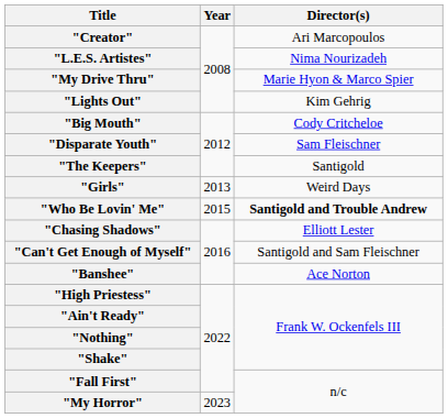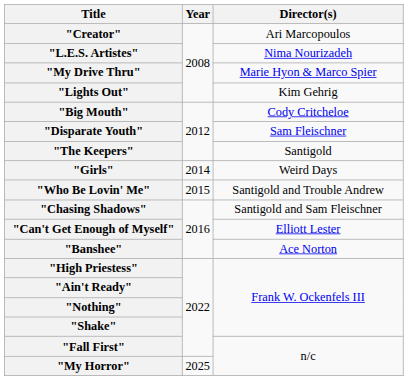 <table class="wikitable plainrowheaders" style="text-align:center;">
 <tr>
 <th scope="col" style="width:14em;">Title</th>
 <th scope="col" style="width:1em;">Year</th>
 <th scope="col" style="width:15em;">Director(s)</th>
 </tr>
 <tr>
 <th scope="row">"Creator"</th>
 <td rowspan="4">2008</td>
 <td>Ari Marcopoulos</td>
 </tr>
 <tr>
 <th scope="row">"L.E.S. Artistes"</th>
 <td><a href='#'>Nima Nourizadeh</a></td>
 </tr>
 <tr>
 <th scope="row">"My Drive Thru"</th>
 <td><a href='#'>Marie Hyon & Marco Spier</a></td>
 </tr>
 <tr>
 <th scope="row">"Lights Out"</th>
 <td>Kim Gehrig</td>
 </tr>
 <tr>
 <th scope="row">"Big Mouth"</th>
 <td rowspan="3">2012</td>
 <td><a href='#'>Cody Critcheloe</a></td>
 </tr>
 <tr>
 <th scope="row">"Disparate Youth"</th>
 <td><a href='#'>Sam Fleischner</a></td>
 </tr>
 <tr>
 <th scope="row">"The Keepers"</th>
 <td>Santigold</td>
 </tr>
 <tr>
 <th scope="row">"Girls"</th>
-<td>2013</td>
+<td>2014</td>
 <td>Weird Days</td>
 </tr>
 <tr>
 <th scope="row">"Who Be Lovin' Me"</th>
 <td>2015</td>
-<td><strong>Santigold and Trouble Andrew</strong></td>
+<td>Santigold and Trouble Andrew</td>
 </tr>
 <tr>
 <th scope="row">"Chasing Shadows"</th>
 <td rowspan="3">2016</td>
-<td><a href='#'>Elliott Lester</a></td>
+<td>Santigold and Sam Fleischner</td>
 </tr>
 <tr>
 <th scope="row">"Can't Get Enough of Myself"</th>
-<td>Santigold and Sam Fleischner</td>
+<td><a href='#'>Elliott Lester</a></td>
 </tr>
 <tr>
 <th scope="row">"Banshee"</th>
 <td><a href='#'>Ace Norton</a></td>
 </tr>
 <tr>
 <th>"High Priestess"</th>
 <td rowspan="5">2022</td>
 <td rowspan="4"><a href='#'>Frank W. Ockenfels III</a></td>
 </tr>
 <tr>
 <th>"Ain't Ready"</th>
 </tr>
 <tr>
 <th>"Nothing"</th>
 </tr>
 <tr>
 <th>"Shake"</th>
 </tr>
 <tr>
 <th>"Fall First"</th>
 <td rowspan="2">n/c</td>
 </tr>
 <tr>
 <th>"My Horror"</th>
-<td>2023</td>
+<td>2025</td>
 </tr>
 </table>
